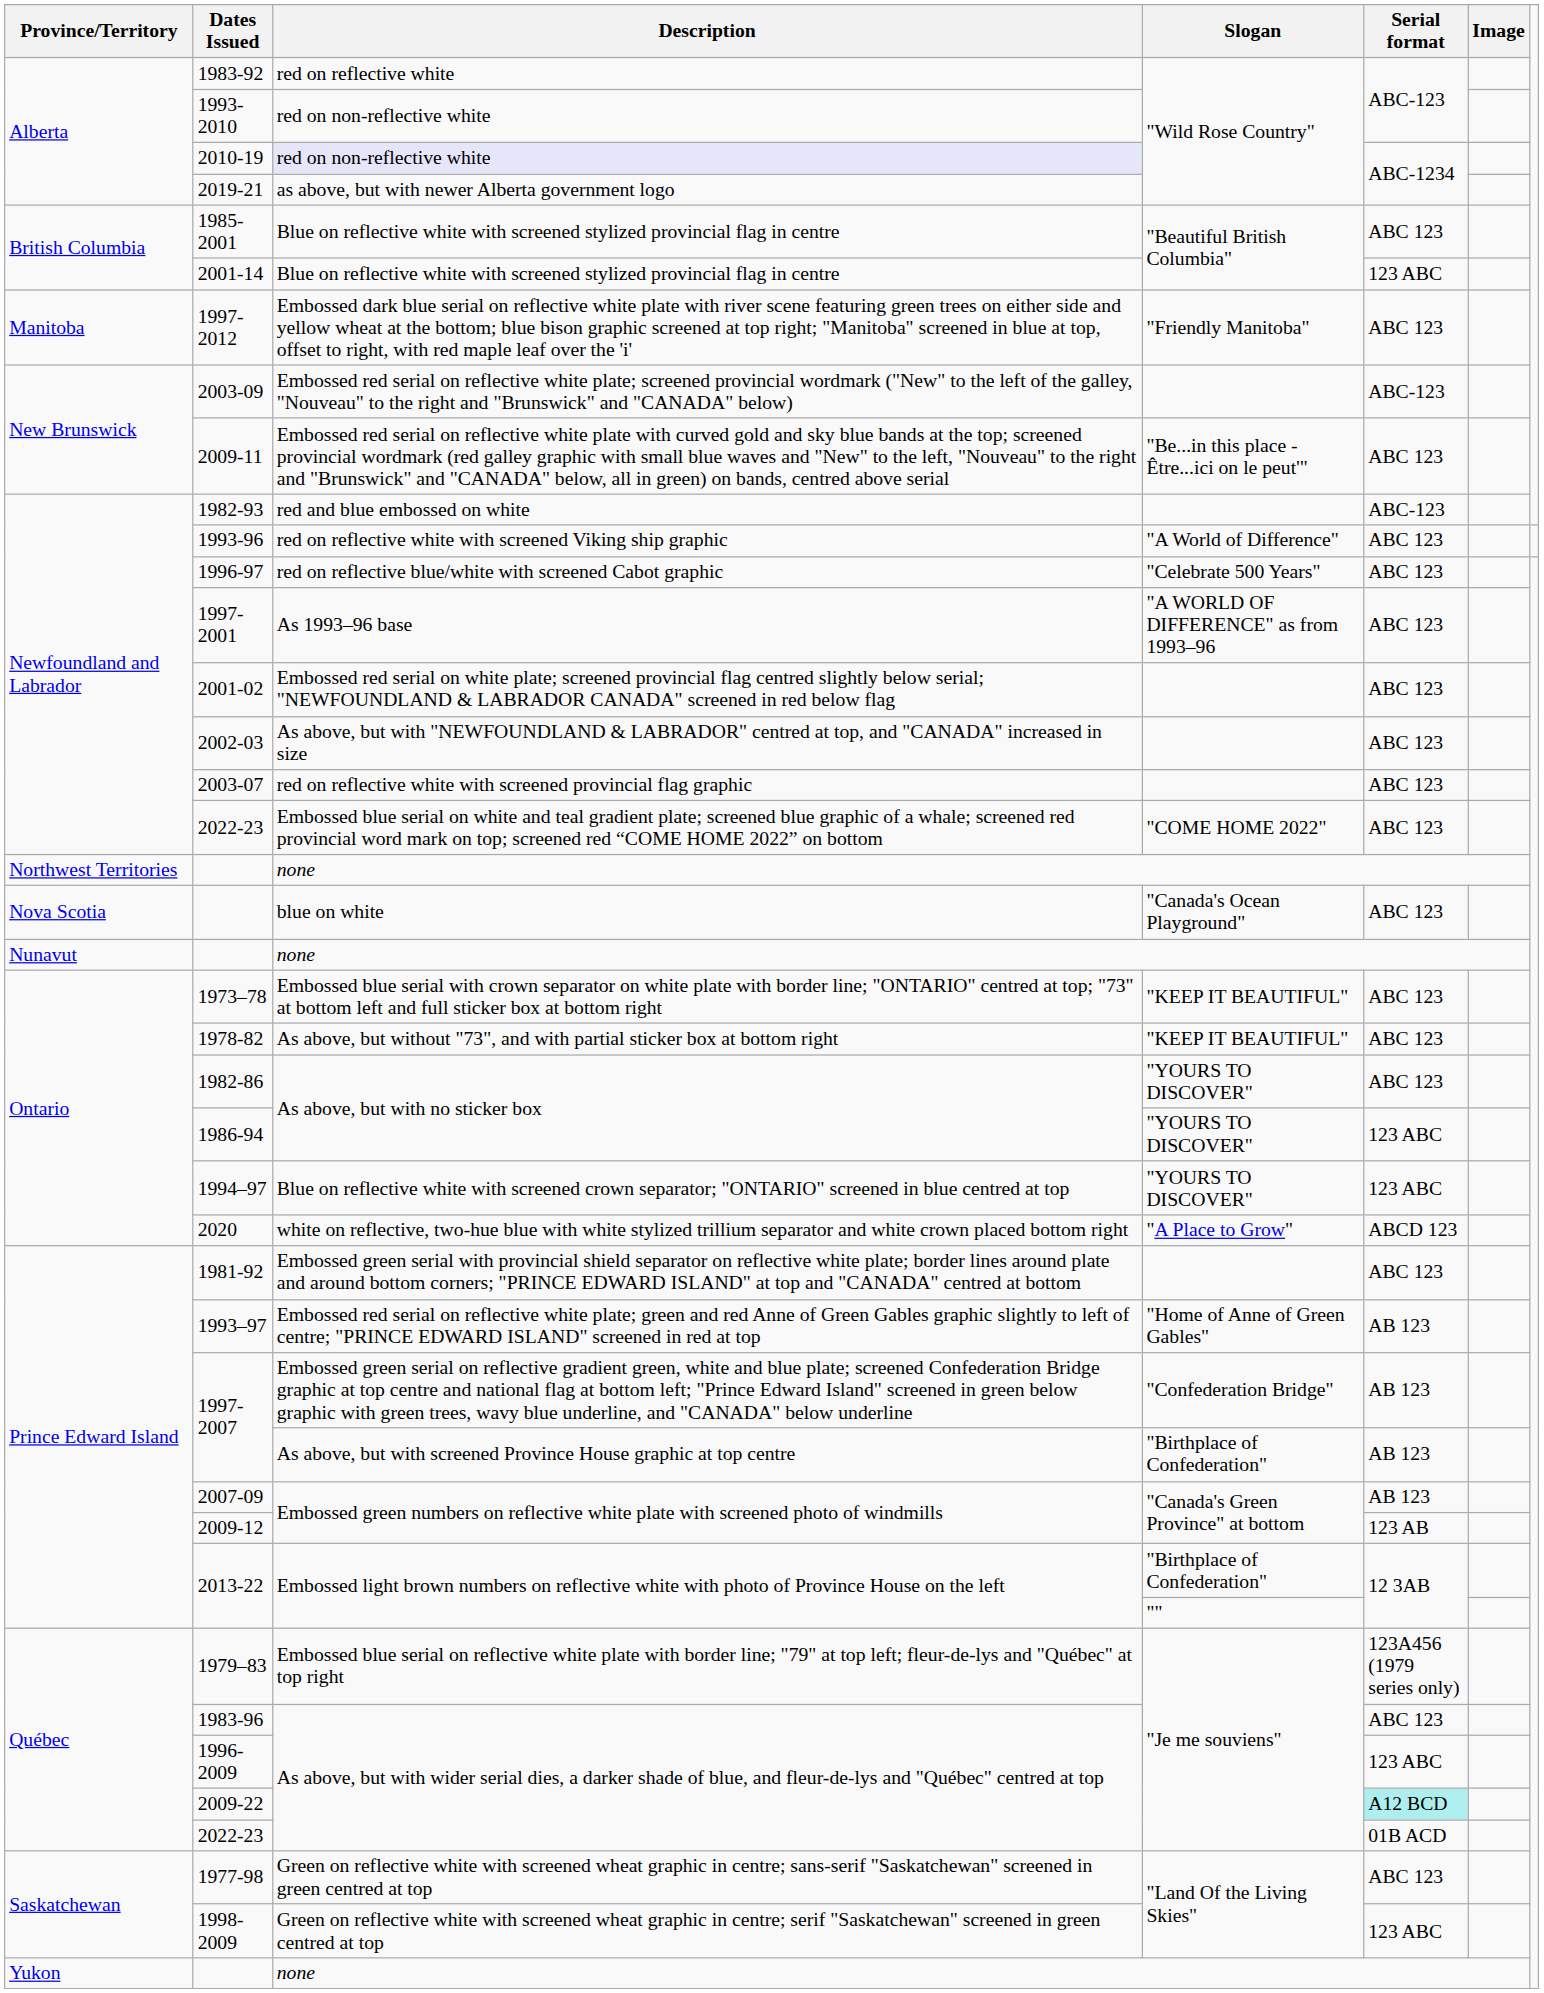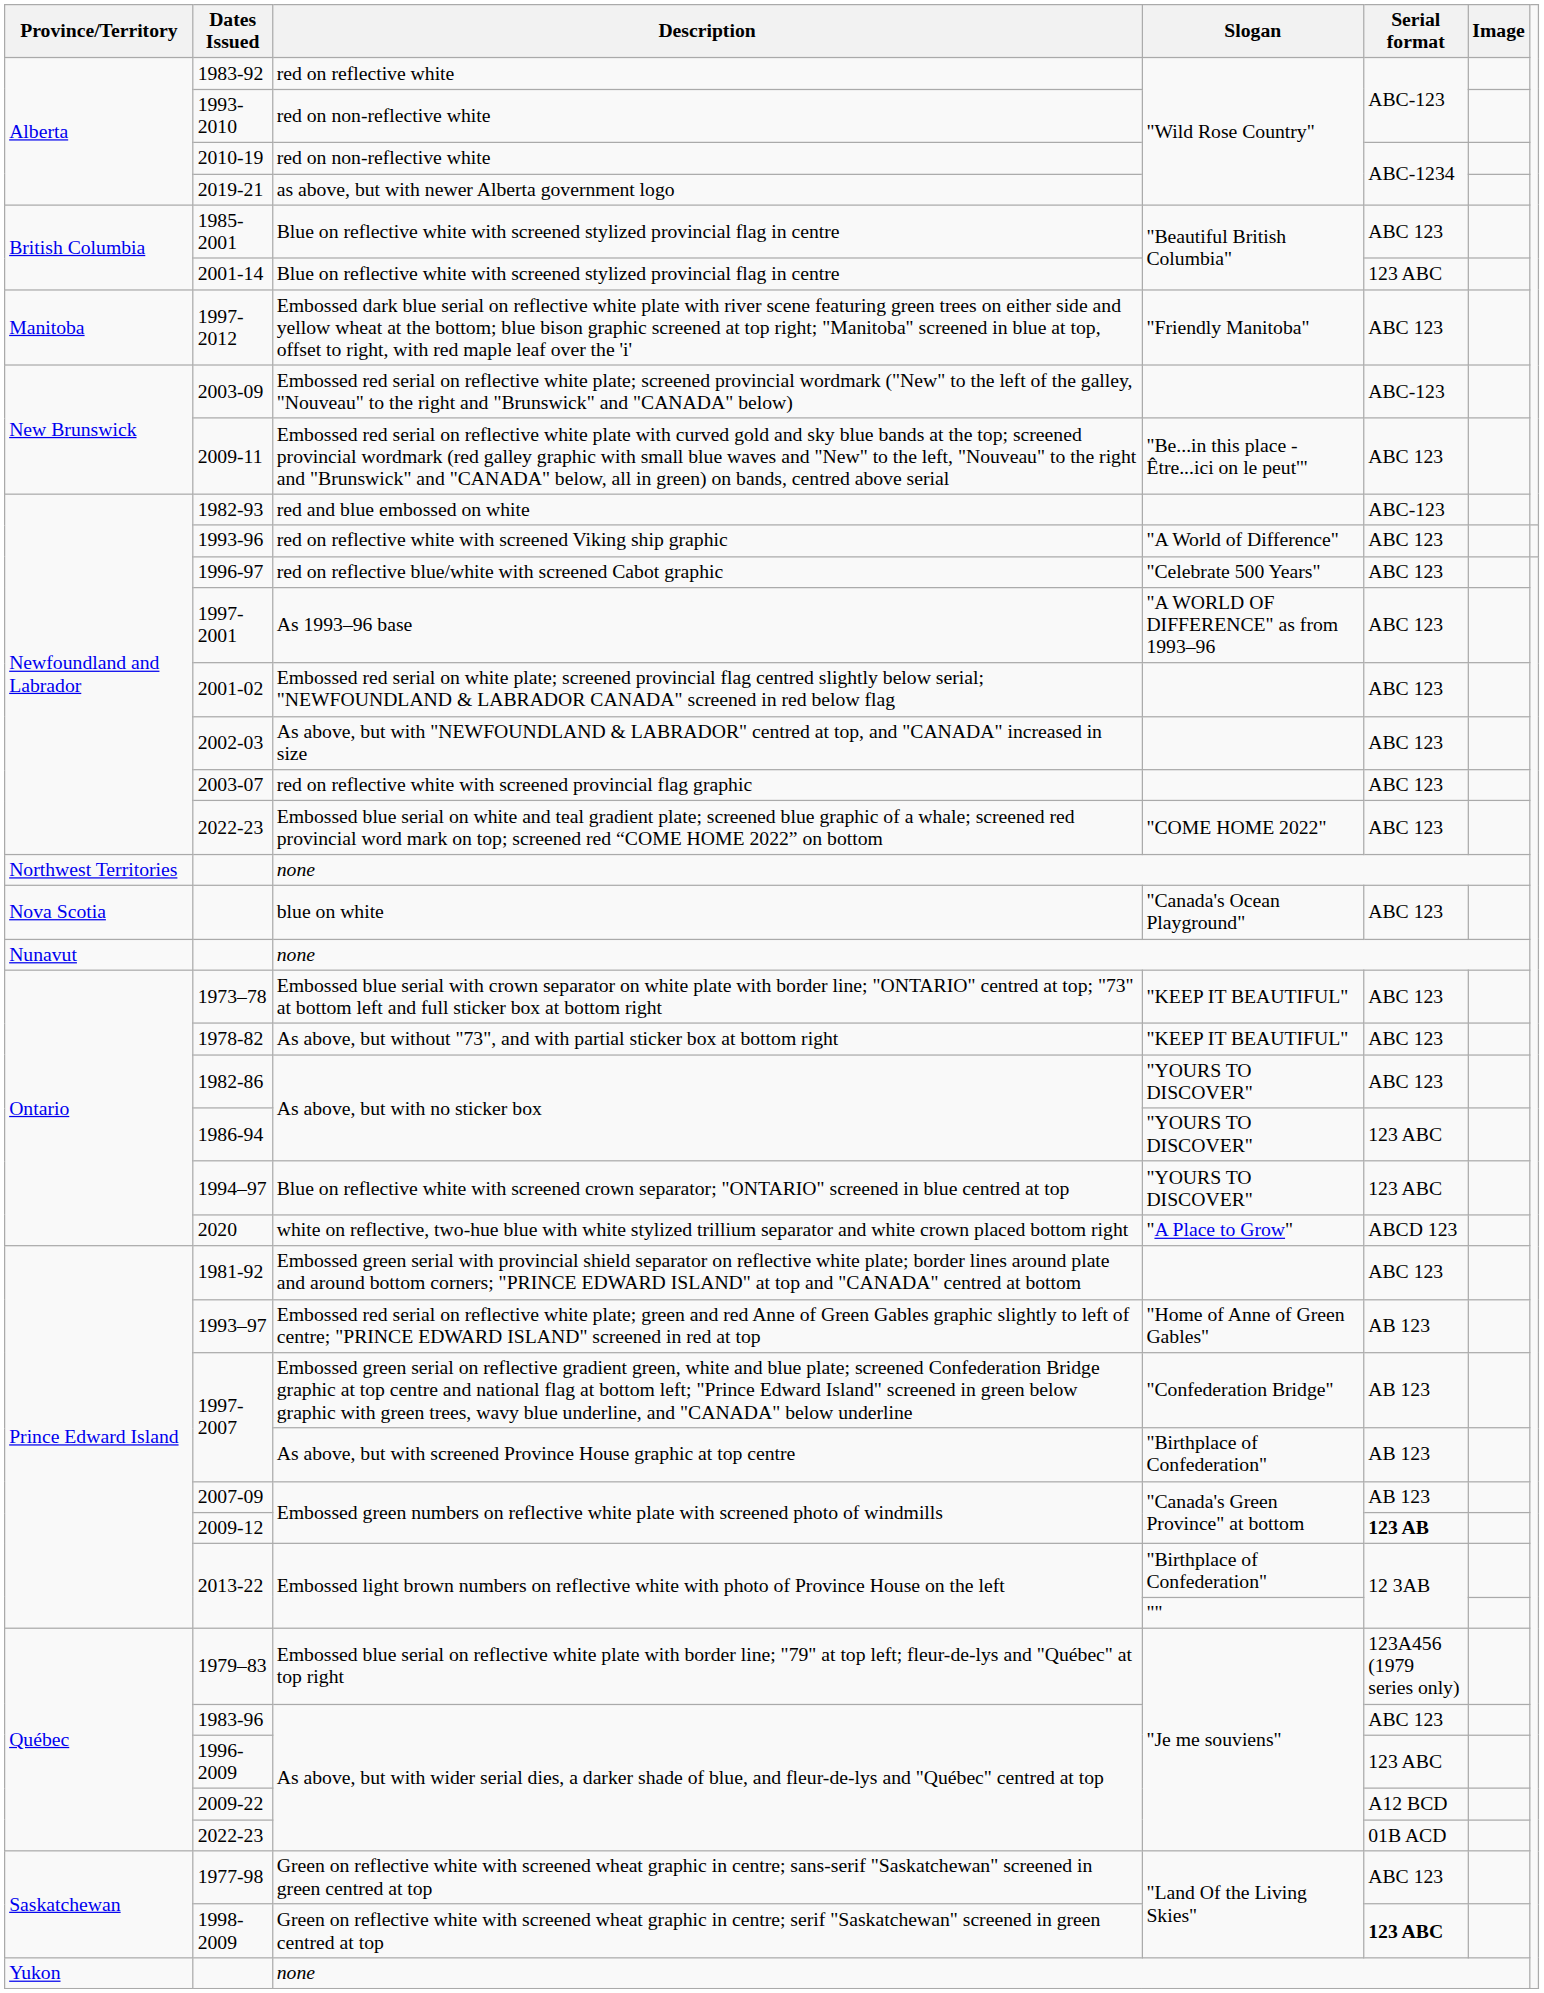 <table class="wikitable">
 <tr>
 <th>Province/Territory</th>
 <th>Dates Issued</th>
 <th>Description</th>
 <th>Slogan</th>
 <th>Serial format</th>
 <th>Image</th>
 </tr>
 <tr>
 <td rowspan="4"><a href='#'>Alberta</a></td>
 <td>1983-92</td>
 <td>red on reflective white</td>
 <td rowspan="4">"Wild Rose Country"</td>
 <td rowspan="2">ABC-123</td>
 <td></td>
 </tr>
 <tr>
 <td>1993-2010</td>
 <td>red on non-reflective white</td>
 <td></td>
 </tr>
 <tr>
 <td>2010-19</td>
-<td style="background: lavender;">red on non-reflective white</td>
+<td>red on non-reflective white</td>
 <td rowspan="2">ABC-1234</td>
 <td></td>
 </tr>
 <tr>
 <td>2019-21</td>
 <td>as above, but with newer Alberta government logo</td>
 <td></td>
 </tr>
 <tr>
 <td rowspan=2><a href='#'>British Columbia</a></td>
 <td>1985-2001</td>
 <td>Blue on reflective white with screened stylized provincial flag in centre</td>
 <td rowspan=2>"Beautiful British Columbia"</td>
 <td>ABC 123</td>
 <td></td>
 </tr>
 <tr>
 <td>2001-14</td>
 <td>Blue on reflective white with screened stylized provincial flag in centre</td>
 <td>123 ABC</td>
 <td></td>
 </tr>
 <tr>
 <td><a href='#'>Manitoba</a></td>
 <td>1997-2012</td>
 <td>Embossed dark blue serial on reflective white plate with river scene featuring green trees on either side and yellow wheat at the bottom; blue bison graphic screened at top right; "Manitoba" screened in blue at top, offset to right, with red maple leaf over the 'i'</td>
 <td>"Friendly Manitoba"</td>
 <td>ABC 123</td>
 <td></td>
 </tr>
 <tr>
 <td rowspan=2><a href='#'>New Brunswick</a></td>
 <td>2003-09</td>
 <td>Embossed red serial on reflective white plate; screened provincial wordmark ("New" to the left of the galley, "Nouveau" to the right and "Brunswick" and "CANADA" below)</td>
 <td></td>
 <td>ABC-123</td>
 <td></td>
 </tr>
 <tr>
 <td>2009-11</td>
 <td>Embossed red serial on reflective white plate with curved gold and sky blue bands at the top; screened provincial wordmark (red galley graphic with small blue waves and "New" to the left, "Nouveau" to the right and "Brunswick" and "CANADA" below, all in green) on bands, centred above serial</td>
 <td>"Be...in this place - Être...ici on le peut'"</td>
 <td>ABC 123</td>
 <td></td>
 </tr>
 <tr>
 <td rowspan=8><a href='#'>Newfoundland and Labrador</a></td>
 <td>1982-93</td>
 <td>red and blue embossed on white</td>
 <td></td>
 <td>ABC-123</td>
 <td></td>
 </tr>
 <tr>
 <td>1993-96</td>
 <td>red on reflective white with screened Viking ship graphic</td>
 <td>"A World of Difference"</td>
 <td>ABC 123</td>
 <td></td>
 <td></td>
 </tr>
 <tr>
 <td>1996-97</td>
 <td>red on reflective blue/white with screened Cabot graphic</td>
 <td>"Celebrate 500 Years"</td>
 <td>ABC 123</td>
 <td></td>
 </tr>
 <tr>
 <td>1997-2001</td>
 <td>As 1993–96 base</td>
 <td>"A WORLD OF DIFFERENCE" as from 1993–96</td>
 <td>ABC 123</td>
 <td></td>
 </tr>
 <tr>
 <td>2001-02</td>
 <td>Embossed red serial on white plate; screened provincial flag centred slightly below serial; "NEWFOUNDLAND & LABRADOR CANADA" screened in red below flag</td>
 <td></td>
 <td>ABC 123</td>
 <td></td>
 </tr>
 <tr>
 <td>2002-03</td>
 <td>As above, but with "NEWFOUNDLAND & LABRADOR" centred at top, and "CANADA" increased in size</td>
 <td></td>
 <td>ABC 123</td>
 <td></td>
 </tr>
 <tr>
 <td>2003-07</td>
 <td>red on reflective white with screened provincial flag graphic</td>
 <td></td>
 <td>ABC 123</td>
 <td></td>
 </tr>
 <tr>
 <td>2022-23</td>
 <td>Embossed blue serial on white and teal gradient plate; screened blue graphic of a whale; screened red provincial word mark on top; screened red “COME HOME 2022” on bottom</td>
 <td>"COME HOME 2022"</td>
 <td>ABC 123</td>
 <td></td>
 </tr>
 <tr>
 <td><a href='#'>Northwest Territories</a></td>
 <td></td>
 <td colspan=4><em>none</em></td>
 </tr>
 <tr>
 <td><a href='#'>Nova Scotia</a></td>
 <td></td>
 <td>blue on white</td>
 <td>"Canada's Ocean Playground"</td>
 <td>ABC 123</td>
 <td></td>
 </tr>
 <tr>
 <td><a href='#'>Nunavut</a></td>
 <td></td>
 <td colspan=4><em>none</em></td>
 </tr>
 <tr>
 <td rowspan=6><a href='#'>Ontario</a></td>
 <td>1973–78</td>
 <td>Embossed blue serial with crown separator on white plate with border line; "ONTARIO" centred at top; "73" at bottom left and full sticker box at bottom right</td>
 <td>"KEEP IT BEAUTIFUL"</td>
 <td>ABC 123</td>
 <td></td>
 </tr>
 <tr>
 <td>1978-82</td>
 <td>As above, but without "73", and with partial sticker box at bottom right</td>
 <td>"KEEP IT BEAUTIFUL"</td>
 <td>ABC 123</td>
 <td></td>
 </tr>
 <tr>
 <td>1982-86</td>
 <td rowspan=2>As above, but with no sticker box</td>
 <td>"YOURS TO DISCOVER"</td>
 <td>ABC 123</td>
 <td></td>
 </tr>
 <tr>
 <td>1986-94</td>
 <td>"YOURS TO DISCOVER"</td>
 <td>123 ABC</td>
 <td></td>
 </tr>
 <tr>
 <td>1994–97</td>
 <td>Blue on reflective white with screened crown separator; "ONTARIO" screened in blue centred at top</td>
 <td>"YOURS TO DISCOVER"</td>
 <td>123 ABC</td>
 <td></td>
 </tr>
 <tr>
 <td>2020</td>
 <td>white on reflective, two-hue blue with white stylized trillium separator and white crown placed bottom right</td>
 <td>"<a href='#'>A Place to Grow</a>"</td>
 <td>ABCD 123</td>
 <td></td>
 </tr>
 <tr>
 <td rowspan="8"><a href='#'>Prince Edward Island</a></td>
 <td>1981-92</td>
 <td>Embossed green serial with provincial shield separator on reflective white plate; border lines around plate and around bottom corners; "PRINCE EDWARD ISLAND" at top and "CANADA" centred at bottom</td>
 <td></td>
 <td>ABC 123</td>
 <td></td>
 </tr>
 <tr>
 <td>1993–97</td>
 <td>Embossed red serial on reflective white plate; green and red Anne of Green Gables graphic slightly to left of centre; "PRINCE EDWARD ISLAND" screened in red at top</td>
 <td>"Home of Anne of Green Gables"</td>
 <td>AB 123</td>
 <td></td>
 </tr>
 <tr>
 <td rowspan=2>1997-2007</td>
 <td>Embossed green serial on reflective gradient green, white and blue plate; screened Confederation Bridge graphic at top centre and national flag at bottom left; "Prince Edward Island" screened in green below graphic with green trees, wavy blue underline, and "CANADA" below underline</td>
 <td>"Confederation Bridge"</td>
 <td>AB 123</td>
 <td></td>
 </tr>
 <tr>
 <td>As above, but with screened Province House graphic at top centre</td>
 <td>"Birthplace of Confederation"</td>
 <td>AB 123</td>
 <td></td>
 </tr>
 <tr>
 <td>2007-09</td>
 <td rowspan=2>Embossed green numbers on reflective white plate with screened photo of windmills</td>
 <td rowspan=2>"Canada's Green Province" at bottom</td>
 <td>AB 123</td>
 <td></td>
 </tr>
 <tr>
 <td>2009-12</td>
-<td>123 AB</td>
+<td><strong>123 AB</strong></td>
 <td></td>
 </tr>
 <tr>
 <td rowspan="2">2013-22</td>
 <td rowspan="2">Embossed light brown numbers on reflective white with photo of Province House on the left</td>
 <td>"Birthplace of Confederation"</td>
 <td rowspan="2">12 3AB</td>
 <td></td>
 </tr>
 <tr>
 <td>""</td>
 <td></td>
 </tr>
 <tr>
 <td rowspan="5"><a href='#'>Québec</a></td>
 <td>1979–83</td>
 <td>Embossed blue serial on reflective white plate with border line; "79" at top left; fleur-de-lys and "Québec" at top right</td>
 <td rowspan="5">"Je me souviens"</td>
 <td>123A456<br>(1979 series only)</td>
 <td></td>
 </tr>
 <tr>
 <td>1983-96</td>
 <td rowspan="4">As above, but with wider serial dies, a darker shade of blue, and fleur-de-lys and "Québec" centred at top</td>
 <td>ABC 123</td>
 <td></td>
 </tr>
 <tr>
 <td>1996-2009</td>
 <td>123 ABC</td>
 <td></td>
 </tr>
 <tr>
 <td>2009-22</td>
-<td style="background: paleturquoise;">A12 BCD</td>
+<td>A12 BCD</td>
 <td></td>
 </tr>
 <tr>
 <td>2022-23</td>
 <td>01B ACD</td>
 <td></td>
 </tr>
 <tr>
 <td rowspan=2><a href='#'>Saskatchewan</a></td>
 <td>1977-98</td>
 <td>Green on reflective white with screened wheat graphic in centre; sans-serif "Saskatchewan" screened in green centred at top</td>
 <td rowspan=2>"Land Of the Living Skies"</td>
 <td>ABC 123</td>
 <td></td>
 </tr>
 <tr>
 <td>1998-2009</td>
 <td>Green on reflective white with screened wheat graphic in centre; serif "Saskatchewan" screened in green centred at top</td>
-<td>123 ABC</td>
+<td><strong>123 ABC</strong></td>
 <td></td>
 </tr>
 <tr>
 <td><a href='#'>Yukon</a></td>
 <td></td>
 <td colspan=4><em>none</em></td>
 </tr>
 <tr>
 </tr>
 </table>
